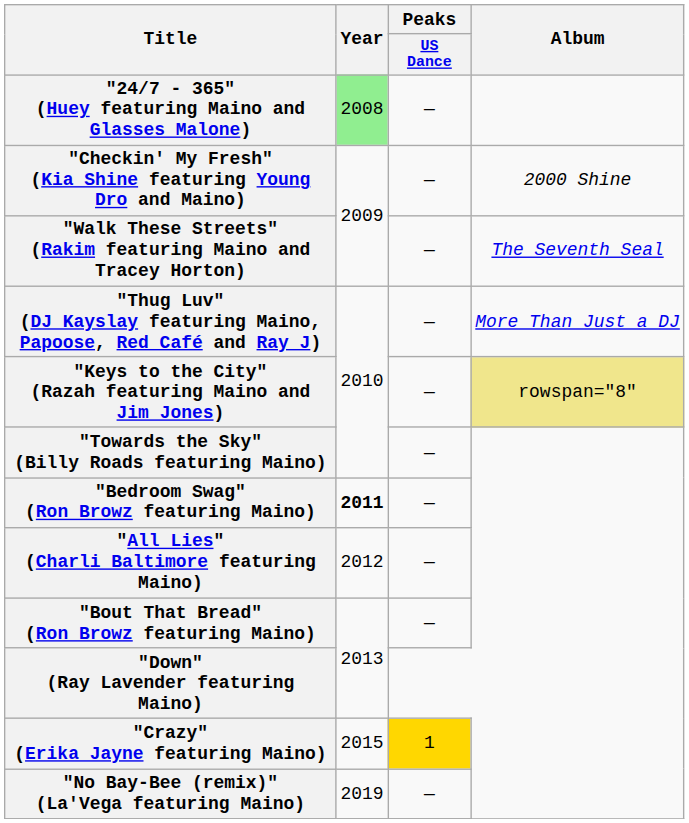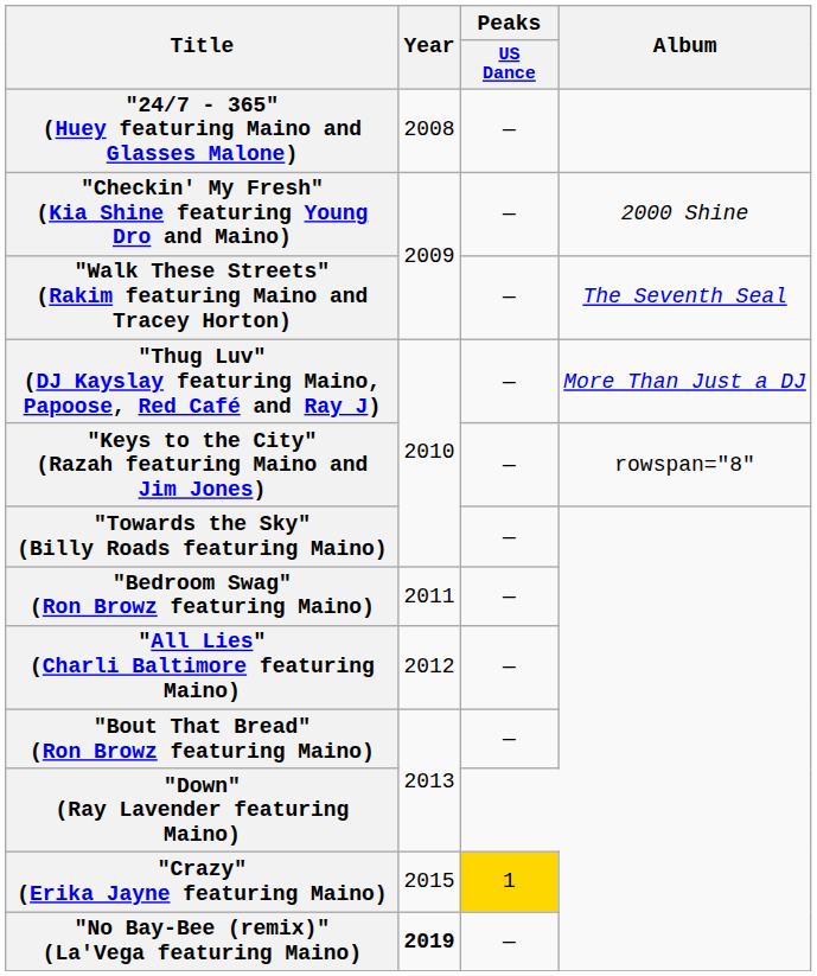 <table class="wikitable plainrowheaders" style="text-align:center;">
 <tr>
 <th rowspan="2" style="width:18em;">Title</th>
 <th rowspan="2">Year</th>
 <th>Peaks</th>
 <th rowspan="2">Album</th>
 </tr>
 <tr style="font-size:smaller;">
 <th style="width:55px;"><a href='#'>US<br>Dance</a><br></th>
 </tr>
 <tr>
 <th scope="row">"24/7 - 365"<br><span>(<a href='#'>Huey</a> featuring Maino and <a href='#'>Glasses Malone</a>)</span></th>
-<td style="background: lightgreen;">2008</td>
+<td>2008</td>
 <td>—</td>
 <td></td>
 </tr>
 <tr>
 <th scope="row">"Checkin' My Fresh"<br><span>(<a href='#'>Kia Shine</a> featuring <a href='#'>Young Dro</a> and Maino)</span></th>
 <td rowspan="2">2009</td>
 <td>—</td>
 <td><em>2000 Shine</em></td>
 </tr>
 <tr>
 <th scope="row">"Walk These Streets"<br><span>(<a href='#'>Rakim</a> featuring Maino and Tracey Horton)</span></th>
 <td>—</td>
 <td><em><a href='#'>The Seventh Seal</a></em></td>
 </tr>
 <tr>
 <th scope="row">"Thug Luv"<br><span>(<a href='#'>DJ Kayslay</a> featuring Maino, <a href='#'>Papoose</a>, <a href='#'>Red Café</a> and <a href='#'>Ray J</a>)</span></th>
 <td rowspan="3">2010</td>
 <td>—</td>
 <td><em><a href='#'>More Than Just a DJ</a></em></td>
 </tr>
 <tr>
 <th scope="row">"Keys to the City"<br><span>(Razah featuring Maino and <a href='#'>Jim Jones</a>)</span></th>
 <td>—</td>
-<td style="background: khaki;">rowspan="8" </td>
+<td>rowspan="8" </td>
 </tr>
 <tr>
 <th scope="row">"Towards the Sky"<br><span>(Billy Roads featuring Maino)</span></th>
 <td>—</td>
 </tr>
 <tr>
 <th scope="row">"Bedroom Swag"<br><span>(<a href='#'>Ron Browz</a> featuring Maino)</span></th>
-<td><strong>2011</strong></td>
+<td>2011</td>
 <td>—</td>
 </tr>
 <tr>
 <th scope="row">"<a href='#'>All Lies</a>"<br><span>(<a href='#'>Charli Baltimore</a> featuring Maino)</span></th>
 <td>2012</td>
 <td>—</td>
 </tr>
 <tr>
 <th scope="row">"Bout That Bread"<br><span>(<a href='#'>Ron Browz</a> featuring Maino)</span></th>
 <td rowspan="2">2013</td>
 <td>—</td>
 </tr>
 <tr>
 <th scope="row">"Down"<br><span>(Ray Lavender featuring Maino)</span></th>
 </tr>
 <tr>
 <th scope="row">"Crazy"<br><span>(<a href='#'>Erika Jayne</a> featuring Maino)</span></th>
 <td>2015</td>
 <td style="background: gold;">1</td>
 </tr>
 <tr>
 <th scope="row">"No Bay-Bee (remix)"<br><span>(La'Vega featuring Maino)</span></th>
-<td>2019</td>
+<td><strong>2019</strong></td>
 <td>—</td>
 </tr>
 <tr>
 </tr>
 </table>
